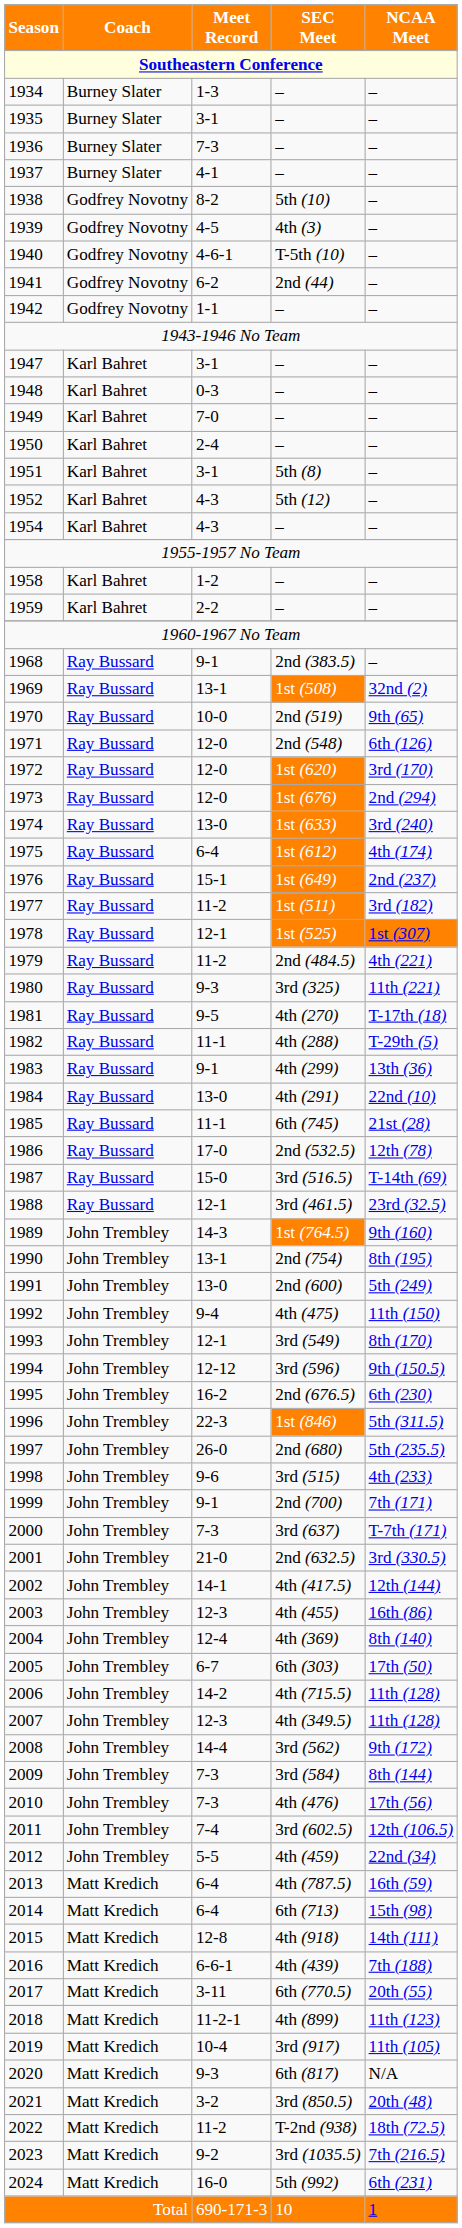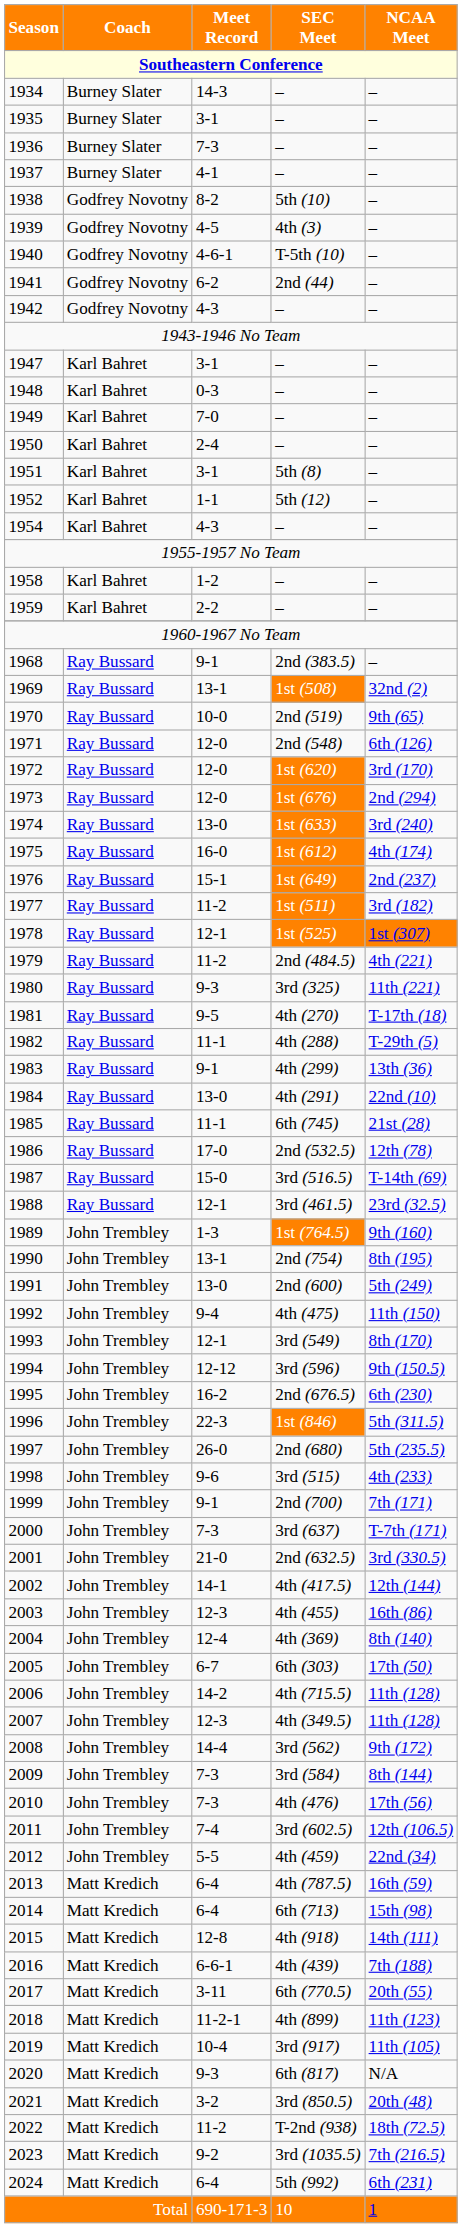 <table class="wikitable">
 <tr>
 <th rowspan="1" style="background: #FF8200; color:white;">Season</th>
 <th rowspan="1" style="background: #FF8200; color:white;">Coach</th>
 <th rowspan="1" style="background: #FF8200; color:white;">Meet<br>Record</th>
 <th rowspan="1" style="background: #FF8200; color:white;">SEC<br>Meet</th>
 <th rowspan="1" style="background: #FF8200; color:white;">NCAA<br>Meet</th>
 </tr>
 <tr style="background: #ffffdd;">
 <td colspan="5" style="text-align:center;"><strong><a href='#'>Southeastern Conference</a></strong></td>
 </tr>
 <tr>
 <td>1934</td>
 <td>Burney Slater</td>
-<td>1-3</td>
+<td>14-3</td>
 <td>–</td>
 <td>–</td>
 </tr>
 <tr>
 <td>1935</td>
 <td>Burney Slater</td>
 <td>3-1</td>
 <td>–</td>
 <td>–</td>
 </tr>
 <tr>
 <td>1936</td>
 <td>Burney Slater</td>
 <td>7-3</td>
 <td>–</td>
 <td>–</td>
 </tr>
 <tr>
 <td>1937</td>
 <td>Burney Slater</td>
 <td>4-1</td>
 <td>–</td>
 <td>–</td>
 </tr>
 <tr>
 <td>1938</td>
 <td>Godfrey Novotny</td>
 <td>8-2</td>
 <td>5th <em>(10)</em></td>
 <td>–</td>
 </tr>
 <tr>
 <td>1939</td>
 <td>Godfrey Novotny</td>
 <td>4-5</td>
 <td>4th <em>(3)</em></td>
 <td>–</td>
 </tr>
 <tr>
 <td>1940</td>
 <td>Godfrey Novotny</td>
 <td>4-6-1</td>
 <td>T-5th <em>(10)</em></td>
 <td>–</td>
 </tr>
 <tr>
 <td>1941</td>
 <td>Godfrey Novotny</td>
 <td>6-2</td>
 <td>2nd <em>(44)</em></td>
 <td>–</td>
 </tr>
 <tr>
 <td>1942</td>
 <td>Godfrey Novotny</td>
-<td>1-1</td>
+<td>4-3</td>
 <td>–</td>
 <td>–</td>
 </tr>
 <tr style="background: #clear">
 <td colspan="5" style="text-align:center;"><em>1943-1946 No Team</em></td>
 </tr>
 <tr>
 <td>1947</td>
 <td>Karl Bahret</td>
 <td>3-1</td>
 <td>–</td>
 <td>–</td>
 </tr>
 <tr>
 <td>1948</td>
 <td>Karl Bahret</td>
 <td>0-3</td>
 <td>–</td>
 <td>–</td>
 </tr>
 <tr>
 <td>1949</td>
 <td>Karl Bahret</td>
 <td>7-0</td>
 <td>–</td>
 <td>–</td>
 </tr>
 <tr>
 <td>1950</td>
 <td>Karl Bahret</td>
 <td>2-4</td>
 <td>–</td>
 <td>–</td>
 </tr>
 <tr>
 <td>1951</td>
 <td>Karl Bahret</td>
 <td>3-1</td>
 <td>5th <em>(8)</em></td>
 <td>–</td>
 </tr>
 <tr>
 <td>1952</td>
 <td>Karl Bahret</td>
-<td>4-3</td>
+<td>1-1</td>
 <td>5th <em>(12)</em></td>
 <td>–</td>
 </tr>
 <tr>
 <td>1954</td>
 <td>Karl Bahret</td>
 <td>4-3</td>
 <td>–</td>
 <td>–</td>
 </tr>
 <tr>
 </tr>
 <tr style="background: #clear;">
 <td colspan="5" style="text-align:center;"><em>1955-1957 No Team</em></td>
 </tr>
 <tr>
 <td>1958</td>
 <td>Karl Bahret</td>
 <td>1-2</td>
 <td>–</td>
 <td>–</td>
 </tr>
 <tr>
 <td>1959</td>
 <td>Karl Bahret</td>
 <td>2-2</td>
 <td>–</td>
 <td>–</td>
 </tr>
 <tr>
 </tr>
 <tr style="background: #clear;">
 <td colspan="5" style="text-align:center;"><em>1960-1967 No Team</em></td>
 </tr>
 <tr>
 <td>1968</td>
 <td><a href='#'>Ray Bussard</a></td>
 <td>9-1</td>
 <td>2nd <em>(383.5)</em></td>
 <td>–</td>
 </tr>
 <tr>
 <td>1969</td>
 <td><a href='#'>Ray Bussard</a></td>
 <td>13-1</td>
 <td style="background: #FF8200; color:white">1st <em>(508)</em></td>
 <td><a href='#'>32nd <em>(2)</em></a></td>
 </tr>
 <tr>
 <td>1970</td>
 <td><a href='#'>Ray Bussard</a></td>
 <td>10-0</td>
 <td>2nd <em>(519)</em></td>
 <td><a href='#'>9th <em>(65)</em></a></td>
 </tr>
 <tr>
 <td>1971</td>
 <td><a href='#'>Ray Bussard</a></td>
 <td>12-0</td>
 <td>2nd <em>(548)</em></td>
 <td><a href='#'>6th <em>(126)</em></a></td>
 </tr>
 <tr>
 <td>1972</td>
 <td><a href='#'>Ray Bussard</a></td>
 <td>12-0</td>
 <td style="background: #FF8200; color:white">1st <em>(620)</em></td>
 <td><a href='#'>3rd <em>(170)</em></a></td>
 </tr>
 <tr>
 <td>1973</td>
 <td><a href='#'>Ray Bussard</a></td>
 <td>12-0</td>
 <td style="background: #FF8200; color:white">1st <em>(676)</em></td>
 <td><a href='#'>2nd <em>(294)</em></a></td>
 </tr>
 <tr>
 <td>1974</td>
 <td><a href='#'>Ray Bussard</a></td>
 <td>13-0</td>
 <td style="background: #FF8200; color:white">1st <em>(633)</em></td>
 <td><a href='#'>3rd <em>(240)</em></a></td>
 </tr>
 <tr>
 <td>1975</td>
 <td><a href='#'>Ray Bussard</a></td>
-<td>6-4</td>
+<td>16-0</td>
 <td style="background: #FF8200; color:white">1st <em>(612)</em></td>
 <td><a href='#'>4th <em>(174)</em></a></td>
 </tr>
 <tr>
 <td>1976</td>
 <td><a href='#'>Ray Bussard</a></td>
 <td>15-1</td>
 <td style="background: #FF8200; color:white">1st <em>(649)</em></td>
 <td><a href='#'>2nd <em>(237)</em></a></td>
 </tr>
 <tr>
 <td>1977</td>
 <td><a href='#'>Ray Bussard</a></td>
 <td>11-2</td>
 <td style="background: #FF8200; color:white">1st <em>(511)</em></td>
 <td><a href='#'>3rd <em>(182)</em></a></td>
 </tr>
 <tr>
 <td>1978</td>
 <td><a href='#'>Ray Bussard</a></td>
 <td>12-1</td>
 <td style="background: #FF8200; color:white">1st <em>(525)</em></td>
 <td style="background: #FF8200; color:white"><a href='#'>1st <em>(307)</em></a></td>
 </tr>
 <tr>
 <td>1979</td>
 <td><a href='#'>Ray Bussard</a></td>
 <td>11-2</td>
 <td>2nd <em>(484.5)</em></td>
 <td><a href='#'>4th <em>(221)</em></a></td>
 </tr>
 <tr>
 <td>1980</td>
 <td><a href='#'>Ray Bussard</a></td>
 <td>9-3</td>
 <td>3rd <em>(325)</em></td>
 <td><a href='#'>11th <em>(221)</em></a></td>
 </tr>
 <tr>
 <td>1981</td>
 <td><a href='#'>Ray Bussard</a></td>
 <td>9-5</td>
 <td>4th <em>(270)</em></td>
 <td><a href='#'>T-17th <em>(18)</em></a></td>
 </tr>
 <tr>
 <td>1982</td>
 <td><a href='#'>Ray Bussard</a></td>
 <td>11-1</td>
 <td>4th <em>(288)</em></td>
 <td><a href='#'>T-29th <em>(5)</em></a></td>
 </tr>
 <tr>
 <td>1983</td>
 <td><a href='#'>Ray Bussard</a></td>
 <td>9-1</td>
 <td>4th <em>(299)</em></td>
 <td><a href='#'>13th <em>(36)</em></a></td>
 </tr>
 <tr>
 <td>1984</td>
 <td><a href='#'>Ray Bussard</a></td>
 <td>13-0</td>
 <td>4th <em>(291)</em></td>
 <td><a href='#'>22nd <em>(10)</em></a></td>
 </tr>
 <tr>
 <td>1985</td>
 <td><a href='#'>Ray Bussard</a></td>
 <td>11-1</td>
 <td>6th <em>(745)</em></td>
 <td><a href='#'>21st <em>(28)</em></a></td>
 </tr>
 <tr>
 <td>1986</td>
 <td><a href='#'>Ray Bussard</a></td>
 <td>17-0</td>
 <td>2nd <em>(532.5)</em></td>
 <td><a href='#'>12th <em>(78)</em></a></td>
 </tr>
 <tr>
 <td>1987</td>
 <td><a href='#'>Ray Bussard</a></td>
 <td>15-0</td>
 <td>3rd <em>(516.5)</em></td>
 <td><a href='#'>T-14th <em>(69)</em></a></td>
 </tr>
 <tr>
 <td>1988</td>
 <td><a href='#'>Ray Bussard</a></td>
 <td>12-1</td>
 <td>3rd <em>(461.5)</em></td>
 <td><a href='#'>23rd <em>(32.5)</em></a></td>
 </tr>
 <tr>
 <td>1989</td>
 <td>John Trembley</td>
-<td>14-3</td>
+<td>1-3</td>
 <td style="background: #FF8200; color:white">1st <em>(764.5)</em></td>
 <td><a href='#'>9th <em>(160)</em></a></td>
 </tr>
 <tr>
 <td>1990</td>
 <td>John Trembley</td>
 <td>13-1</td>
 <td>2nd <em>(754)</em></td>
 <td><a href='#'>8th <em>(195)</em></a></td>
 </tr>
 <tr>
 <td>1991</td>
 <td>John Trembley</td>
 <td>13-0</td>
 <td>2nd <em>(600)</em></td>
 <td><a href='#'>5th <em>(249)</em></a></td>
 </tr>
 <tr>
 <td>1992</td>
 <td>John Trembley</td>
 <td>9-4</td>
 <td>4th <em>(475)</em></td>
 <td><a href='#'>11th <em>(150)</em></a></td>
 </tr>
 <tr>
 <td>1993</td>
 <td>John Trembley</td>
 <td>12-1</td>
 <td>3rd <em>(549)</em></td>
 <td><a href='#'>8th <em>(170)</em></a></td>
 </tr>
 <tr>
 <td>1994</td>
 <td>John Trembley</td>
 <td>12-12</td>
 <td>3rd <em>(596)</em></td>
 <td><a href='#'>9th <em>(150.5)</em></a></td>
 </tr>
 <tr>
 <td>1995</td>
 <td>John Trembley</td>
 <td>16-2</td>
 <td>2nd <em>(676.5)</em></td>
 <td><a href='#'>6th <em>(230)</em></a></td>
 </tr>
 <tr>
 <td>1996</td>
 <td>John Trembley</td>
 <td>22-3</td>
 <td style="background: #FF8200; color:white">1st <em>(846)</em></td>
 <td><a href='#'>5th <em>(311.5)</em></a></td>
 </tr>
 <tr>
 <td>1997</td>
 <td>John Trembley</td>
 <td>26-0</td>
 <td>2nd <em>(680)</em></td>
 <td><a href='#'>5th <em>(235.5)</em></a></td>
 </tr>
 <tr>
 <td>1998</td>
 <td>John Trembley</td>
 <td>9-6</td>
 <td>3rd <em>(515)</em></td>
 <td><a href='#'>4th <em>(233)</em></a></td>
 </tr>
 <tr>
 <td>1999</td>
 <td>John Trembley</td>
 <td>9-1</td>
 <td>2nd <em>(700)</em></td>
 <td><a href='#'>7th <em>(171)</em></a></td>
 </tr>
 <tr>
 <td>2000</td>
 <td>John Trembley</td>
 <td>7-3</td>
 <td>3rd <em>(637)</em></td>
 <td><a href='#'>T-7th <em>(171)</em></a></td>
 </tr>
 <tr>
 <td>2001</td>
 <td>John Trembley</td>
 <td>21-0</td>
 <td>2nd <em>(632.5)</em></td>
 <td><a href='#'>3rd <em>(330.5)</em></a></td>
 </tr>
 <tr>
 <td>2002</td>
 <td>John Trembley</td>
 <td>14-1</td>
 <td>4th <em>(417.5)</em></td>
 <td><a href='#'>12th <em>(144)</em></a></td>
 </tr>
 <tr>
 <td>2003</td>
 <td>John Trembley</td>
 <td>12-3</td>
 <td>4th <em>(455)</em></td>
 <td><a href='#'>16th <em>(86)</em></a></td>
 </tr>
 <tr>
 <td>2004</td>
 <td>John Trembley</td>
 <td>12-4</td>
 <td>4th <em>(369)</em></td>
 <td><a href='#'>8th <em>(140)</em></a></td>
 </tr>
 <tr>
 <td>2005</td>
 <td>John Trembley</td>
 <td>6-7</td>
 <td>6th <em>(303)</em></td>
 <td><a href='#'>17th <em>(50)</em></a></td>
 </tr>
 <tr>
 <td>2006</td>
 <td>John Trembley</td>
 <td>14-2</td>
 <td>4th <em>(715.5)</em></td>
 <td><a href='#'>11th <em>(128)</em></a></td>
 </tr>
 <tr>
 <td>2007</td>
 <td>John Trembley</td>
 <td>12-3</td>
 <td>4th <em>(349.5)</em></td>
 <td><a href='#'>11th <em>(128)</em></a></td>
 </tr>
 <tr>
 <td>2008</td>
 <td>John Trembley</td>
 <td>14-4</td>
 <td>3rd <em>(562)</em></td>
 <td><a href='#'>9th <em>(172)</em></a></td>
 </tr>
 <tr>
 <td>2009</td>
 <td>John Trembley</td>
 <td>7-3</td>
 <td>3rd <em>(584)</em></td>
 <td><a href='#'>8th <em>(144)</em></a></td>
 </tr>
 <tr>
 <td>2010</td>
 <td>John Trembley</td>
 <td>7-3</td>
 <td>4th <em>(476)</em></td>
 <td><a href='#'>17th <em>(56)</em></a></td>
 </tr>
 <tr>
 <td>2011</td>
 <td>John Trembley</td>
 <td>7-4</td>
 <td>3rd <em>(602.5)</em></td>
 <td><a href='#'>12th <em>(106.5)</em></a></td>
 </tr>
 <tr>
 <td>2012</td>
 <td>John Trembley</td>
 <td>5-5</td>
 <td>4th <em>(459)</em></td>
 <td><a href='#'>22nd <em>(34)</em></a></td>
 </tr>
 <tr>
 <td>2013</td>
 <td>Matt Kredich</td>
 <td>6-4</td>
 <td>4th <em>(787.5)</em></td>
 <td><a href='#'>16th <em>(59)</em></a></td>
 </tr>
 <tr>
 <td>2014</td>
 <td>Matt Kredich</td>
 <td>6-4</td>
 <td>6th <em>(713)</em></td>
 <td><a href='#'>15th <em>(98)</em></a></td>
 </tr>
 <tr>
 <td>2015</td>
 <td>Matt Kredich</td>
 <td>12-8</td>
 <td>4th <em>(918)</em></td>
 <td><a href='#'>14th <em>(111)</em></a></td>
 </tr>
 <tr>
 <td>2016</td>
 <td>Matt Kredich</td>
 <td>6-6-1</td>
 <td>4th <em>(439)</em></td>
 <td><a href='#'>7th <em>(188)</em></a></td>
 </tr>
 <tr>
 <td>2017</td>
 <td>Matt Kredich</td>
 <td>3-11</td>
 <td>6th <em>(770.5)</em></td>
 <td><a href='#'>20th <em>(55)</em></a></td>
 </tr>
 <tr>
 <td>2018</td>
 <td>Matt Kredich</td>
 <td>11-2-1</td>
 <td>4th <em>(899)</em></td>
 <td><a href='#'>11th <em>(123)</em></a></td>
 </tr>
 <tr>
 <td>2019</td>
 <td>Matt Kredich</td>
 <td>10-4</td>
 <td>3rd <em>(917)</em></td>
 <td><a href='#'>11th <em>(105)</em></a></td>
 </tr>
 <tr>
 <td>2020</td>
 <td>Matt Kredich</td>
 <td>9-3</td>
 <td>6th <em>(817)</em></td>
 <td>N/A</td>
 </tr>
 <tr>
 <td>2021</td>
 <td>Matt Kredich</td>
 <td>3-2</td>
 <td>3rd <em>(850.5)</em></td>
 <td><a href='#'>20th <em>(48)</em></a></td>
 </tr>
 <tr>
 <td>2022</td>
 <td>Matt Kredich</td>
 <td>11-2</td>
 <td>T-2nd <em>(938)</em></td>
 <td><a href='#'>18th <em>(72.5)</em></a></td>
 </tr>
 <tr>
 <td>2023</td>
 <td>Matt Kredich</td>
 <td>9-2</td>
 <td>3rd <em>(1035.5)</em></td>
 <td><a href='#'>7th <em>(216.5)</em></a></td>
 </tr>
 <tr>
 <td>2024</td>
 <td>Matt Kredich</td>
-<td>16-0</td>
+<td>6-4</td>
 <td>5th <em>(992)</em></td>
 <td><a href='#'>6th <em>(231)</em></a></td>
 </tr>
 <tr style="background: #FF8200; color:white">
 <td colspan="2" align="right">Total</td>
 <td>690-171-3</td>
 <td>10</td>
 <td><a href='#'>1</a></td>
 </tr>
 </table>
